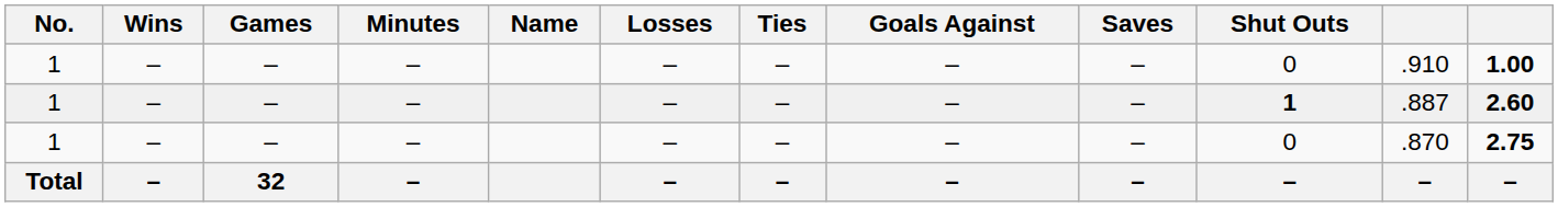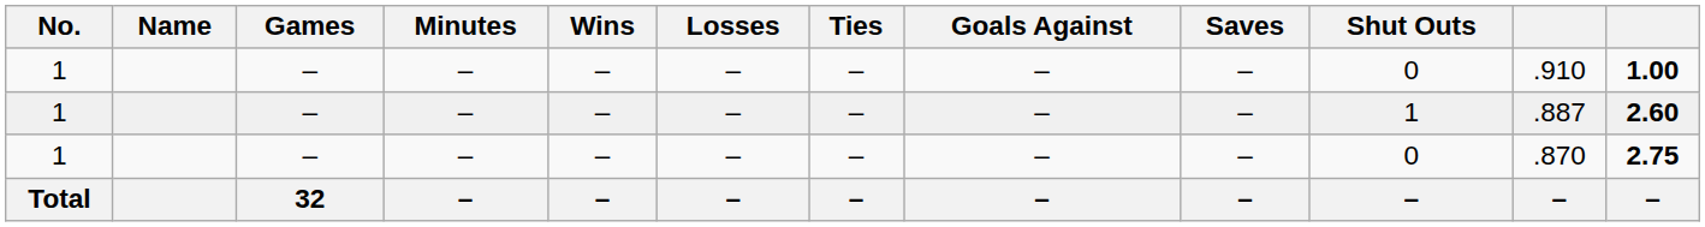 <table class="wikitable sortable" width ="1000">
 <tr align="center">
 <th><strong>No.</strong></th>
-<th><strong>Wins</strong></th>
+<th><strong>Name</strong></th>
 <th><strong>Games</strong></th>
 <th><strong>Minutes</strong></th>
-<th><strong>Name</strong></th>
+<th><strong>Wins</strong></th>
 <th><strong>Losses</strong></th>
 <th><strong>Ties</strong></th>
 <th><strong>Goals Against</strong></th>
 <th><strong>Saves</strong></th>
 <th><strong>Shut Outs</strong></th>
 <th><strong><a href='#'></a></strong></th>
 <th><strong><a href='#'></a></strong></th>
 </tr>
 <tr align="center" bgcolor=>
 <td>1</td>
+<td></td>
 <td>–</td>
 <td>–</td>
 <td>–</td>
-<td></td>
 <td>–</td>
 <td>–</td>
 <td>–</td>
 <td>–</td>
 <td>0</td>
 <td>.910</td>
 <td><strong>1.00</strong></td>
 </tr>
 <tr align="center" bgcolor="#f0f0f0">
 <td>1</td>
-<td>–</td>
-<td>–</td>
-<td>–</td>
 <td></td>
 <td>–</td>
 <td>–</td>
 <td>–</td>
 <td>–</td>
-<td><strong>1</strong></td>
+<td>–</td>
+<td>–</td>
+<td>–</td>
+<td>1</td>
 <td>.887</td>
 <td><strong>2.60</strong></td>
 </tr>
 <tr align="center" bgcolor=>
 <td>1</td>
+<td></td>
 <td>–</td>
 <td>–</td>
 <td>–</td>
-<td></td>
 <td>–</td>
 <td>–</td>
 <td>–</td>
 <td>–</td>
 <td>0</td>
 <td>.870</td>
 <td><strong>2.75</strong></td>
 </tr>
 <tr>
 <th>Total</th>
-<th>–</th>
+<th></th>
 <th>32</th>
 <th>–</th>
-<th></th>
+<th>–</th>
 <th>–</th>
 <th>–</th>
 <th>–</th>
 <th>–</th>
 <th>–</th>
 <th>–</th>
 <th>–</th>
 </tr>
 </table>
